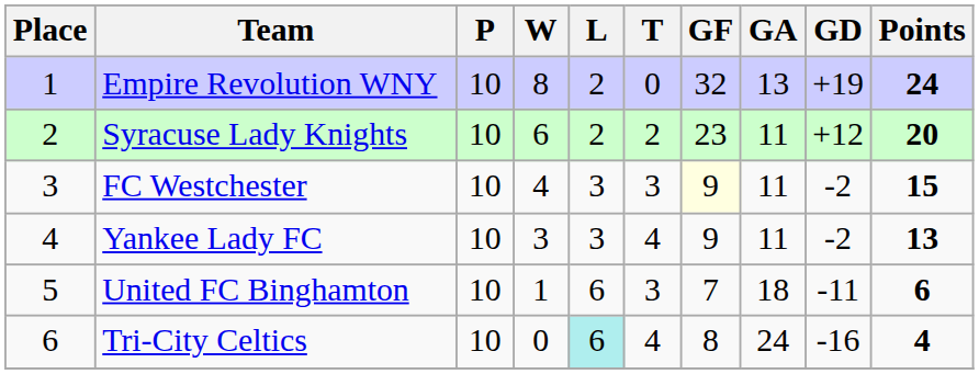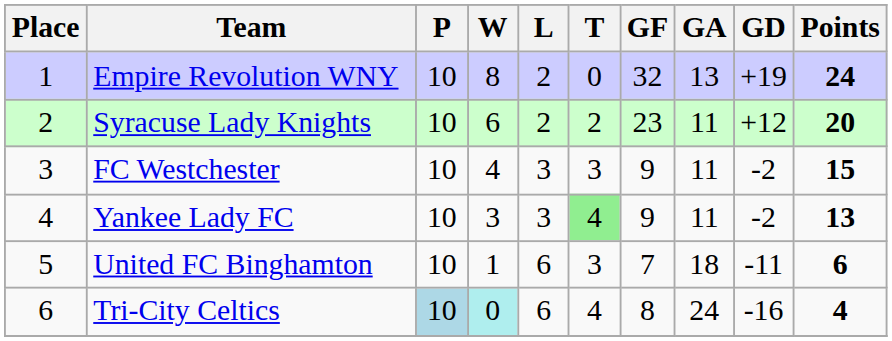 <table class="wikitable" style="text-align:center;">
 <tr>
 <th>Place</th>
 <th width="170">Team</th>
 <th width="20">P</th>
 <th width="20">W</th>
 <th width="20">L</th>
 <th width="20">T</th>
 <th width="20">GF</th>
 <th width="20">GA</th>
 <th width="25">GD</th>
 <th>Points</th>
 </tr>
 <tr bgcolor=#ccccff>
 <td>1</td>
 <td style="text-align:left;"><a href='#'>Empire Revolution WNY</a></td>
 <td>10</td>
 <td>8</td>
 <td>2</td>
 <td>0</td>
 <td>32</td>
 <td>13</td>
 <td>+19</td>
 <td><strong>24</strong></td>
 </tr>
 <tr bgcolor=#ccffcc>
 <td>2</td>
 <td style="text-align:left;"><a href='#'>Syracuse Lady Knights</a></td>
 <td>10</td>
 <td>6</td>
 <td>2</td>
 <td>2</td>
 <td>23</td>
 <td>11</td>
 <td>+12</td>
 <td><strong>20</strong></td>
 </tr>
 <tr>
 <td>3</td>
 <td style="text-align:left;"><a href='#'>FC Westchester</a></td>
 <td>10</td>
 <td>4</td>
 <td>3</td>
 <td>3</td>
-<td style="background: lightyellow;">9</td>
+<td>9</td>
 <td>11</td>
 <td>-2</td>
 <td><strong>15</strong></td>
 </tr>
 <tr>
 <td>4</td>
 <td style="text-align:left;"><a href='#'>Yankee Lady FC</a></td>
 <td>10</td>
 <td>3</td>
 <td>3</td>
-<td>4</td>
+<td style="background: lightgreen;">4</td>
 <td>9</td>
 <td>11</td>
 <td>-2</td>
 <td><strong>13</strong></td>
 </tr>
 <tr>
 <td>5</td>
 <td style="text-align:left;"><a href='#'>United FC Binghamton</a></td>
 <td>10</td>
 <td>1</td>
 <td>6</td>
 <td>3</td>
 <td>7</td>
 <td>18</td>
 <td>-11</td>
 <td><strong>6</strong></td>
 </tr>
 <tr>
 <td>6</td>
 <td style="text-align:left;"><a href='#'>Tri-City Celtics</a></td>
-<td>10</td>
-<td>0</td>
-<td style="background: paleturquoise;">6</td>
+<td style="background: lightblue;">10</td>
+<td style="background: paleturquoise;">0</td>
+<td>6</td>
 <td>4</td>
 <td>8</td>
 <td>24</td>
 <td>-16</td>
 <td><strong>4</strong></td>
 </tr>
 <tr>
 </tr>
 </table>
